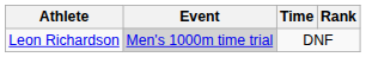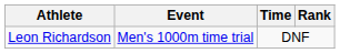 <table class=wikitable style="font-size:90%">
 <tr>
 <th>Athlete</th>
 <th>Event</th>
 <th>Time</th>
 <th>Rank</th>
 </tr>
 <tr align=center>
 <td align=left><a href='#'>Leon Richardson</a></td>
-<td align=left style="background: lightgrey;"><a href='#'>Men's 1000m time trial</a></td>
+<td align=left><a href='#'>Men's 1000m time trial</a></td>
 <td colspan=2>DNF</td>
 </tr>
 </table>
